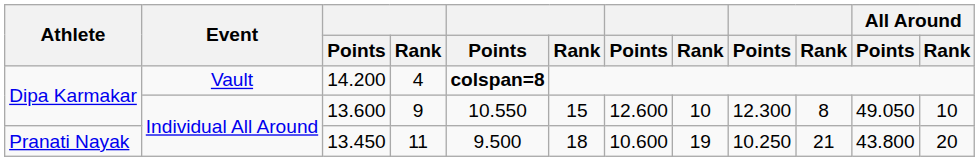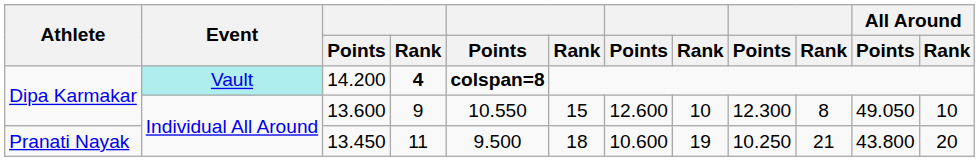 <table class="wikitable" style="text-align:center; font-size:90%">
 <tr>
 <th rowspan=2>Athlete</th>
 <th rowspan=2>Event</th>
 <th colspan=2></th>
 <th colspan=2></th>
 <th colspan=2></th>
 <th colspan=2></th>
 <th colspan=2>All Around</th>
 </tr>
 <tr>
 <th>Points</th>
 <th>Rank</th>
 <th>Points</th>
 <th>Rank</th>
 <th>Points</th>
 <th>Rank</th>
 <th>Points</th>
 <th>Rank</th>
 <th>Points</th>
 <th>Rank</th>
 </tr>
 <tr>
 <td align=left rowspan=2><a href='#'>Dipa Karmakar</a></td>
-<td><a href='#'>Vault</a></td>
+<td style="background: paleturquoise;"><a href='#'>Vault</a></td>
 <td>14.200</td>
-<td>4</td>
+<td><strong>4</strong></td>
 <td><strong>colspan=8 </strong></td>
 </tr>
 <tr>
 <td align=left rowspan=2><a href='#'>Individual All Around</a></td>
 <td>13.600</td>
 <td>9</td>
 <td>10.550</td>
 <td>15</td>
 <td>12.600</td>
 <td>10</td>
 <td>12.300</td>
 <td>8</td>
 <td>49.050</td>
 <td>10</td>
 </tr>
 <tr>
 <td align=left><a href='#'>Pranati Nayak</a></td>
 <td>13.450</td>
 <td>11</td>
 <td>9.500</td>
 <td>18</td>
 <td>10.600</td>
 <td>19</td>
 <td>10.250</td>
 <td>21</td>
 <td>43.800</td>
 <td>20</td>
 </tr>
 </table>
